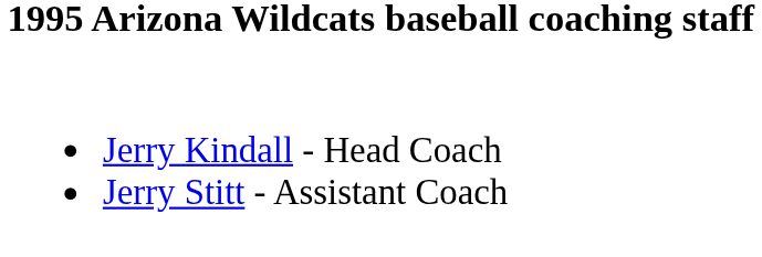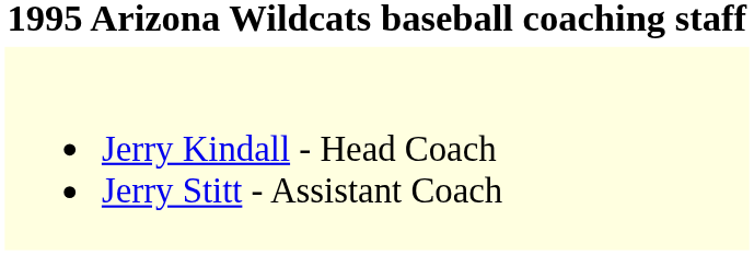 <table class="toccolours">
 <tr>
 <th colspan="9">1995 Arizona Wildcats baseball coaching staff</th>
 </tr>
 <tr>
-<td style="text-align: left; font-size: 95%;" valign="top"><br><ul><li><a href='#'>Jerry Kindall</a> - Head Coach</li><li><a href='#'>Jerry Stitt</a> - Assistant Coach</li></ul></td>
+<td style="background: lightyellow; text-align: left; font-size: 95%;" valign="top"><br><ul><li><a href='#'>Jerry Kindall</a> - Head Coach</li><li><a href='#'>Jerry Stitt</a> - Assistant Coach</li></ul></td>
 </tr>
 </table>
